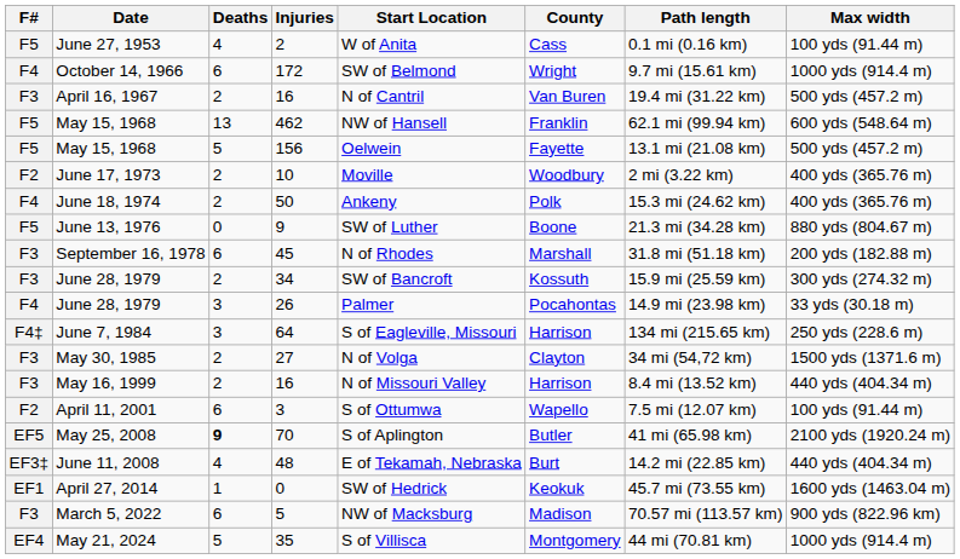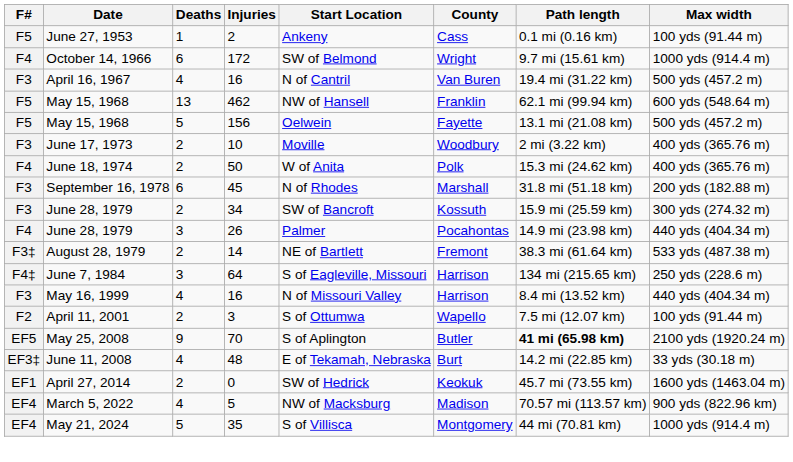 <table class="wikitable sortable">
 <tr>
 <th scope="col">F#</th>
 <th scope="col">Date</th>
 <th scope="col">Deaths</th>
 <th scope="col">Injuries</th>
 <th scope="col">Start Location</th>
 <th scope="col">County</th>
 <th scope="col">Path length</th>
 <th scope="col">Max width</th>
 </tr>
 <tr>
 <th scope="row" rowspan="1" style="font-weight:normal; background-color:#">F5</th>
 <td>June 27, 1953</td>
-<td>4</td>
+<td>1</td>
 <td>2</td>
-<td>W of <a href='#'>Anita</a></td>
+<td><a href='#'>Ankeny</a></td>
 <td><a href='#'>Cass</a></td>
 <td>0.1 mi (0.16 km)</td>
 <td>100 yds (91.44 m)</td>
 </tr>
 <tr>
 <th scope="row" rowspan="1" style="font-weight:normal; background-color:#">F4</th>
 <td>October 14, 1966</td>
 <td>6</td>
 <td>172</td>
 <td>SW of <a href='#'>Belmond</a></td>
 <td><a href='#'>Wright</a></td>
 <td>9.7 mi (15.61 km)</td>
 <td>1000 yds (914.4 m)</td>
 </tr>
 <tr>
 <th scope="row" rowspan="1" style="font-weight:normal; background-color:#">F3</th>
 <td>April 16, 1967</td>
-<td>2</td>
+<td>4</td>
 <td>16</td>
 <td>N of <a href='#'>Cantril</a></td>
 <td><a href='#'>Van Buren</a></td>
 <td>19.4 mi (31.22 km)</td>
 <td>500 yds (457.2 m)</td>
 </tr>
 <tr>
 <th scope="row" rowspan="1" style="font-weight:normal; background-color:#">F5</th>
 <td>May 15, 1968</td>
 <td>13</td>
 <td>462</td>
 <td>NW of <a href='#'>Hansell</a></td>
 <td><a href='#'>Franklin</a></td>
 <td>62.1 mi (99.94 km)</td>
 <td>600 yds (548.64 m)</td>
 </tr>
 <tr>
 <th scope="row" rowspan="1" style="font-weight:normal; background-color:#">F5</th>
 <td>May 15, 1968</td>
 <td>5</td>
 <td>156</td>
 <td><a href='#'>Oelwein</a></td>
 <td><a href='#'>Fayette</a></td>
 <td>13.1 mi (21.08 km)</td>
 <td>500 yds (457.2 m)</td>
 </tr>
 <tr>
-<th scope="row" rowspan="1" style="font-weight:normal; background-color:#">F2</th>
+<th scope="row" rowspan="1" style="font-weight:normal; background-color:#">F3</th>
 <td>June 17, 1973</td>
 <td>2</td>
 <td>10</td>
 <td><a href='#'>Moville</a></td>
 <td><a href='#'>Woodbury</a></td>
 <td>2 mi (3.22 km)</td>
 <td>400 yds (365.76 m)</td>
 </tr>
 <tr>
 <th scope="row" rowspan="1" style="font-weight:normal; background-color:#">F4</th>
 <td>June 18, 1974</td>
 <td>2</td>
 <td>50</td>
-<td><a href='#'>Ankeny</a></td>
+<td>W of <a href='#'>Anita</a></td>
 <td><a href='#'>Polk</a></td>
 <td>15.3 mi (24.62 km)</td>
 <td>400 yds (365.76 m)</td>
-</tr>
-<tr>
-<th scope="row" rowspan="1" style="font-weight:normal; background-color:#">F5</th>
-<td>June 13, 1976</td>
-<td>0</td>
-<td>9</td>
-<td>SW of <a href='#'>Luther</a></td>
-<td><a href='#'>Boone</a></td>
-<td>21.3 mi (34.28 km)</td>
-<td>880 yds (804.67 m)</td>
 </tr>
 <tr>
 <th scope="row" rowspan="1" style="font-weight:normal; background-color:#">F3</th>
 <td>September 16, 1978</td>
 <td>6</td>
 <td>45</td>
 <td>N of <a href='#'>Rhodes</a></td>
 <td><a href='#'>Marshall</a></td>
 <td>31.8 mi (51.18 km)</td>
 <td>200 yds (182.88 m)</td>
 </tr>
 <tr>
 <th scope="row" rowspan="1" style="font-weight:normal; background-color:#">F3</th>
 <td>June 28, 1979</td>
 <td>2</td>
 <td>34</td>
 <td>SW of <a href='#'>Bancroft</a></td>
 <td><a href='#'>Kossuth</a></td>
 <td>15.9 mi (25.59 km)</td>
 <td>300 yds (274.32 m)</td>
 </tr>
 <tr>
 <th scope="row" rowspan="1" style="font-weight:normal; background-color:#">F4</th>
 <td>June 28, 1979</td>
 <td>3</td>
 <td>26</td>
 <td><a href='#'>Palmer</a></td>
 <td><a href='#'>Pocahontas</a></td>
 <td>14.9 mi (23.98 km)</td>
-<td>33 yds (30.18 m)</td>
+<td>440 yds (404.34 m)</td>
+</tr>
+<tr>
+<th scope="row" rowspan="1" style="font-weight:normal; background-color:#">F3‡</th>
+<td>August 28, 1979</td>
+<td>2</td>
+<td>14</td>
+<td>NE of <a href='#'>Bartlett</a></td>
+<td><a href='#'>Fremont</a></td>
+<td>38.3 mi (61.64 km)</td>
+<td>533 yds (487.38 m)</td>
 </tr>
 <tr>
 <th scope="row" rowspan="1" style="font-weight:normal; background-color:#">F4‡</th>
 <td>June 7, 1984</td>
 <td>3</td>
 <td>64</td>
 <td>S of <a href='#'>Eagleville, Missouri</a></td>
 <td><a href='#'>Harrison</a></td>
 <td>134 mi (215.65 km)</td>
 <td>250 yds (228.6 m)</td>
 </tr>
 <tr>
 <th scope="row" rowspan="1" style="font-weight:normal; background-color:#">F3</th>
-<td>May 30, 1985</td>
-<td>2</td>
-<td>27</td>
-<td>N of <a href='#'>Volga</a></td>
-<td><a href='#'>Clayton</a></td>
-<td>34 mi (54,72 km)</td>
-<td>1500 yds (1371.6 m)</td>
-</tr>
-<tr>
-<th scope="row" rowspan="1" style="font-weight:normal; background-color:#">F3</th>
 <td>May 16, 1999</td>
-<td>2</td>
+<td>4</td>
 <td>16</td>
 <td>N of <a href='#'>Missouri Valley</a></td>
 <td><a href='#'>Harrison</a></td>
 <td>8.4 mi (13.52 km)</td>
 <td>440 yds (404.34 m)</td>
 </tr>
 <tr>
 <th scope="row" rowspan="1" style="font-weight:normal; background-color:#">F2</th>
 <td>April 11, 2001</td>
-<td>6</td>
+<td>2</td>
 <td>3</td>
 <td>S of <a href='#'>Ottumwa</a></td>
 <td><a href='#'>Wapello</a></td>
 <td>7.5 mi (12.07 km)</td>
 <td>100 yds (91.44 m)</td>
 </tr>
 <tr>
 <th scope="row" rowspan="1" style="font-weight:normal; background-color:#">EF5</th>
 <td>May 25, 2008</td>
-<td><strong>9</strong></td>
+<td>9</td>
 <td>70</td>
 <td>S of Aplington</td>
 <td><a href='#'>Butler</a></td>
-<td>41 mi (65.98 km)</td>
+<td><strong>41 mi (65.98 km)</strong></td>
 <td>2100 yds (1920.24 m)</td>
 </tr>
 <tr>
 <th scope="row" rowspan="1" style="font-weight:normal; background-color:#">EF3‡</th>
 <td>June 11, 2008</td>
 <td>4</td>
 <td>48</td>
 <td>E of <a href='#'>Tekamah, Nebraska</a></td>
 <td><a href='#'>Burt</a></td>
 <td>14.2 mi (22.85 km)</td>
-<td>440 yds (404.34 m)</td>
+<td>33 yds (30.18 m)</td>
 </tr>
 <tr>
 <th scope="row" rowspan="1" style="font-weight:normal; background-color:#">EF1</th>
 <td>April 27, 2014</td>
-<td>1</td>
+<td>2</td>
 <td>0</td>
 <td>SW of <a href='#'>Hedrick</a></td>
 <td><a href='#'>Keokuk</a></td>
 <td>45.7 mi (73.55 km)</td>
 <td>1600 yds (1463.04 m)</td>
 </tr>
 <tr>
-<th scope="row" rowspan="1" style="font-weight:normal; background-color:#">F3</th>
+<th scope="row" rowspan="1" style="font-weight:normal; background-color:#">EF4</th>
 <td>March 5, 2022</td>
-<td>6</td>
+<td>4</td>
 <td>5</td>
 <td>NW of <a href='#'>Macksburg</a></td>
 <td><a href='#'>Madison</a></td>
 <td>70.57 mi (113.57 km)</td>
 <td>900 yds (822.96 km)</td>
 </tr>
 <tr>
 <th scope="row" rowspan="1" style="font-weight:normal; background-color:#">EF4</th>
 <td>May 21, 2024</td>
 <td>5</td>
 <td>35</td>
 <td>S of <a href='#'>Villisca</a></td>
 <td><a href='#'>Montgomery</a></td>
 <td>44 mi (70.81 km)</td>
 <td>1000 yds (914.4 m)</td>
 </tr>
 </table>
